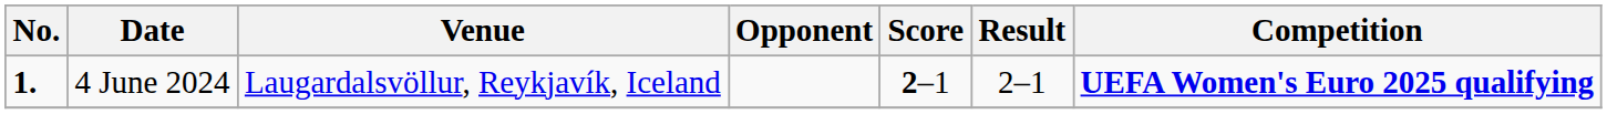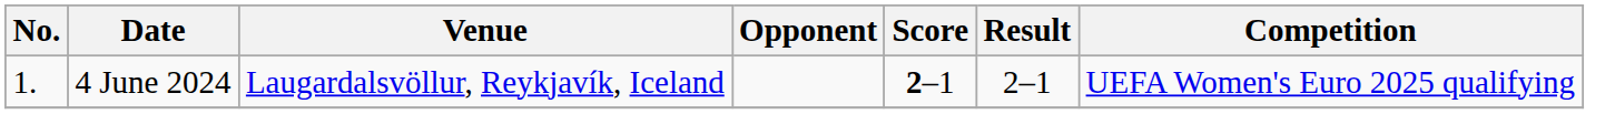 <table class="wikitable">
 <tr>
 <th>No.</th>
 <th>Date</th>
 <th>Venue</th>
 <th>Opponent</th>
 <th>Score</th>
 <th>Result</th>
 <th>Competition</th>
 </tr>
 <tr>
-<td><strong>1.</strong></td>
+<td>1.</td>
 <td>4 June 2024</td>
 <td><a href='#'>Laugardalsvöllur</a>, <a href='#'>Reykjavík</a>, <a href='#'>Iceland</a></td>
 <td></td>
 <td align=center><strong>2</strong>–1</td>
 <td align=center>2–1</td>
-<td><strong><a href='#'>UEFA Women's Euro 2025 qualifying</a></strong></td>
+<td><a href='#'>UEFA Women's Euro 2025 qualifying</a></td>
 </tr>
 <tr>
 </tr>
 </table>
